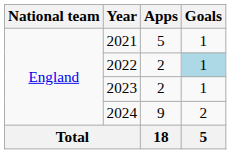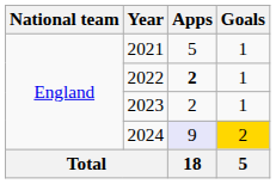 <table class="wikitable" style="text-align: center;">
 <tr>
 <th>National team</th>
 <th>Year</th>
 <th>Apps</th>
 <th>Goals</th>
 </tr>
 <tr>
 <td rowspan="4"><a href='#'>England</a></td>
 <td>2021</td>
 <td>5</td>
 <td>1</td>
 </tr>
 <tr>
 <td>2022</td>
-<td>2</td>
-<td style="background: lightblue;">1</td>
+<td><strong>2</strong></td>
+<td>1</td>
 </tr>
 <tr>
 <td>2023</td>
 <td>2</td>
 <td>1</td>
 </tr>
 <tr>
 <td>2024</td>
-<td>9</td>
-<td>2</td>
+<td style="background: lavender;">9</td>
+<td style="background: gold;">2</td>
 </tr>
 <tr>
 <th colspan="2">Total</th>
 <th>18</th>
 <th>5</th>
 </tr>
 </table>
